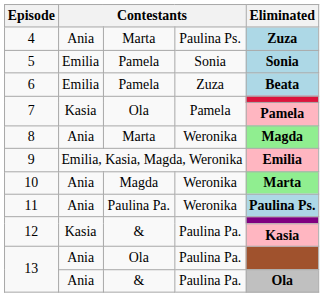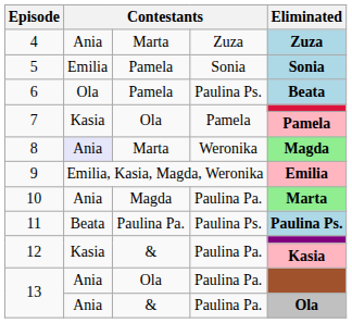 <table class="wikitable" border="2" style="text-align:center; font-size:85%;">
 <tr>
 <th>Episode</th>
 <th colspan="3">Contestants</th>
 <th>Eliminated</th>
 </tr>
 <tr>
 <td>4</td>
 <td>Ania</td>
 <td>Marta</td>
-<td>Paulina Ps.</td>
+<td>Zuza</td>
 <td style="background:lightblue;"><strong>Zuza</strong></td>
 </tr>
 <tr>
 <td>5</td>
 <td>Emilia</td>
 <td>Pamela</td>
 <td>Sonia</td>
 <td style="background:lightblue;"><strong>Sonia</strong></td>
 </tr>
 <tr>
 <td>6</td>
-<td>Emilia</td>
+<td>Ola</td>
 <td>Pamela</td>
-<td>Zuza</td>
+<td>Paulina Ps.</td>
 <td style="background:lightblue;"><strong>Beata</strong></td>
 </tr>
 <tr>
 <td rowspan="2">7</td>
 <td rowspan="2">Kasia</td>
 <td rowspan="2">Ola</td>
 <td rowspan="2">Pamela</td>
 <td style="background:crimson;"><strong></strong></td>
 </tr>
 <tr>
 <td style="background:lightpink;"><strong>Pamela</strong></td>
 </tr>
 <tr>
 <td>8</td>
-<td>Ania</td>
+<td style="background: lavender;">Ania</td>
 <td>Marta</td>
 <td>Weronika</td>
 <td style="background:lightgreen;"><strong>Magda</strong></td>
 </tr>
 <tr>
 <td>9</td>
 <td colspan="3">Emilia, Kasia, Magda, Weronika</td>
 <td style="background:lightpink;"><strong>Emilia</strong></td>
 </tr>
 <tr>
 <td>10</td>
 <td>Ania</td>
 <td>Magda</td>
-<td>Weronika</td>
+<td>Paulina Pa.</td>
 <td style="background:lightgreen;"><strong>Marta</strong></td>
 </tr>
 <tr>
 <td>11</td>
-<td>Ania</td>
+<td>Beata</td>
 <td>Paulina Pa.</td>
-<td>Weronika</td>
+<td>Paulina Ps.</td>
 <td style="background:lightblue;"><strong>Paulina Ps.</strong></td>
 </tr>
 <tr>
 <td rowspan="2">12</td>
 <td rowspan="2">Kasia</td>
 <td rowspan="2">&</td>
 <td rowspan="2">Paulina Pa.</td>
 <td style="background:purple;"><strong></strong></td>
 </tr>
 <tr>
 <td style="background:lightpink;"><strong>Kasia</strong></td>
 </tr>
 <tr>
 <td rowspan="2">13</td>
 <td>Ania</td>
 <td>Ola</td>
 <td>Paulina Pa.</td>
 <td style="background:sienna;"><strong></strong></td>
 </tr>
 <tr>
 <td>Ania</td>
 <td>&</td>
 <td>Paulina Pa.</td>
 <td style="background:silver;"><strong>Ola</strong></td>
 </tr>
 </table>
